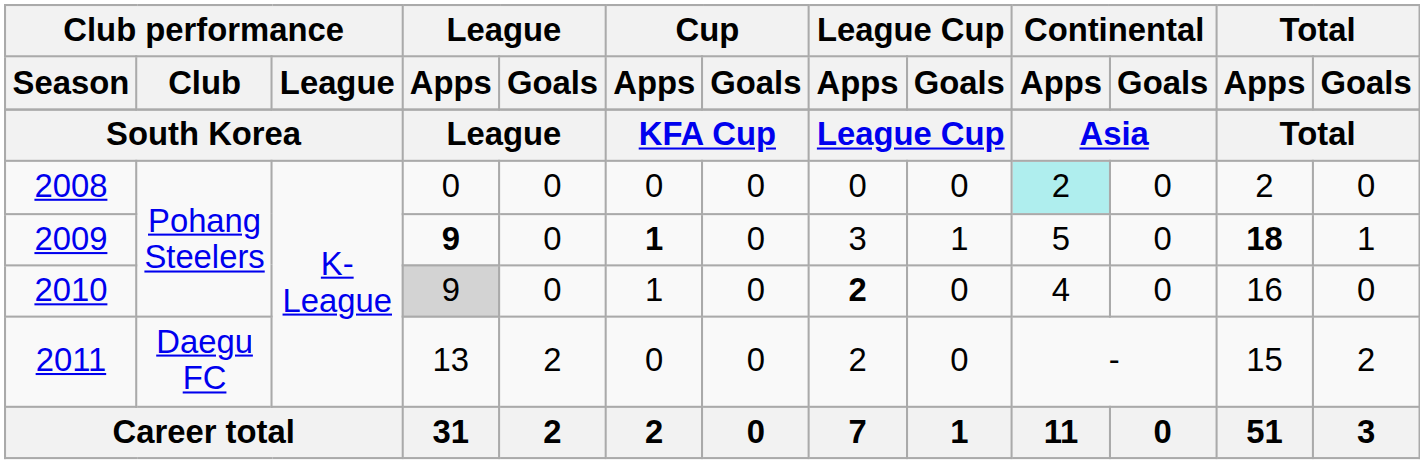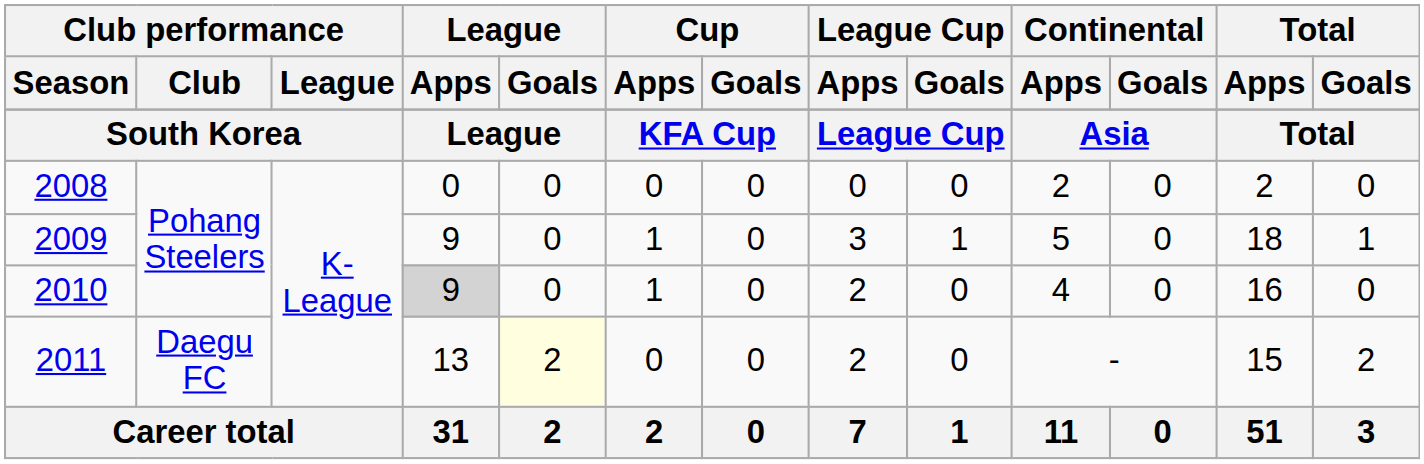 <table class="wikitable" style="text-align:center">
 <tr>
 <th colspan=3>Club performance</th>
 <th colspan=2>League</th>
 <th colspan=2>Cup</th>
 <th colspan=2>League Cup</th>
 <th colspan=2>Continental</th>
 <th colspan=2>Total</th>
 </tr>
 <tr>
 <th>Season</th>
 <th>Club</th>
 <th>League</th>
 <th>Apps</th>
 <th>Goals</th>
 <th>Apps</th>
 <th>Goals</th>
 <th>Apps</th>
 <th>Goals</th>
 <th>Apps</th>
 <th>Goals</th>
 <th>Apps</th>
 <th>Goals</th>
 </tr>
 <tr>
 </tr>
 <tr>
 <th colspan=3>South Korea</th>
 <th colspan=2>League</th>
 <th colspan=2><a href='#'>KFA Cup</a></th>
 <th colspan=2><a href='#'>League Cup</a></th>
 <th colspan=2><a href='#'>Asia</a></th>
 <th colspan=2>Total</th>
 </tr>
 <tr>
 <td><a href='#'>2008</a></td>
 <td rowspan="3"><a href='#'>Pohang Steelers</a></td>
 <td rowspan="4"><a href='#'>K-League</a></td>
 <td>0</td>
 <td>0</td>
 <td>0</td>
 <td>0</td>
 <td>0</td>
 <td>0</td>
-<td style="background: paleturquoise;">2</td>
+<td>2</td>
 <td>0</td>
 <td>2</td>
 <td>0</td>
 </tr>
 <tr>
 <td><a href='#'>2009</a></td>
-<td><strong>9</strong></td>
+<td>9</td>
 <td>0</td>
-<td><strong>1</strong></td>
+<td>1</td>
 <td>0</td>
 <td>3</td>
 <td>1</td>
 <td>5</td>
 <td>0</td>
-<td><strong>18</strong></td>
+<td>18</td>
 <td>1</td>
 </tr>
 <tr>
 <td><a href='#'>2010</a></td>
 <td style="background: lightgrey;">9</td>
 <td>0</td>
 <td>1</td>
 <td>0</td>
-<td><strong>2</strong></td>
+<td>2</td>
 <td>0</td>
 <td>4</td>
 <td>0</td>
 <td>16</td>
 <td>0</td>
 </tr>
 <tr>
 <td><a href='#'>2011</a></td>
 <td rowspan="1"><a href='#'>Daegu FC</a></td>
 <td>13</td>
-<td>2</td>
+<td style="background: lightyellow;">2</td>
 <td>0</td>
 <td>0</td>
 <td>2</td>
 <td>0</td>
 <td colspan="2">-</td>
 <td>15</td>
 <td>2</td>
 </tr>
 <tr>
 <th colspan=3>Career total</th>
 <th>31</th>
 <th>2</th>
 <th>2</th>
 <th>0</th>
 <th>7</th>
 <th>1</th>
 <th>11</th>
 <th>0</th>
 <th>51</th>
 <th>3</th>
 </tr>
 </table>
